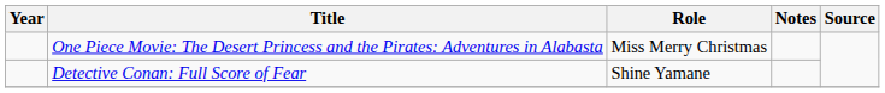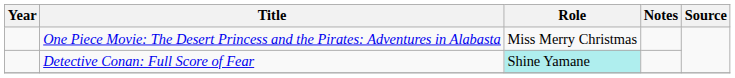 <table class="wikitable sortable plainrowheaders">
 <tr>
 <th>Year</th>
 <th>Title</th>
 <th>Role</th>
 <th class="unsortable">Notes</th>
 <th class="unsortable">Source</th>
 </tr>
 <tr>
 <td></td>
 <td><em><a href='#'>One Piece Movie: The Desert Princess and the Pirates: Adventures in Alabasta</a></em></td>
 <td>Miss Merry Christmas</td>
 <td></td>
 <td rowspan="2"></td>
 </tr>
 <tr>
 <td></td>
 <td><em><a href='#'>Detective Conan: Full Score of Fear</a></em></td>
-<td>Shine Yamane</td>
+<td style="background: paleturquoise;">Shine Yamane</td>
 <td></td>
 </tr>
 <tr>
 </tr>
 </table>
